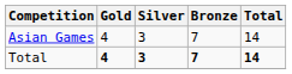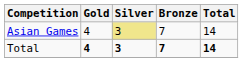 <table class="wikitable sortable">
 <tr>
 <th>Competition</th>
 <th>Gold</th>
 <th>Silver</th>
 <th>Bronze</th>
 <th>Total</th>
 </tr>
 <tr>
 <td><a href='#'>Asian Games</a></td>
 <td>4</td>
-<td>3</td>
+<td style="background: khaki;">3</td>
 <td>7</td>
 <td>14</td>
 </tr>
 <tr>
 <td>Total</td>
 <td><strong>4</strong></td>
 <td><strong>3</strong></td>
 <td><strong>7</strong></td>
 <td><strong>14</strong></td>
 </tr>
 <tr>
 </tr>
 </table>
